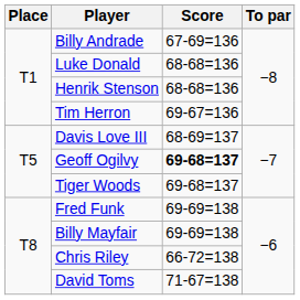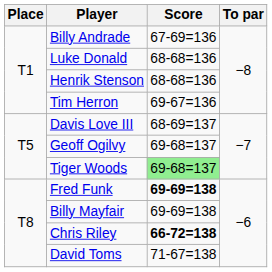 <table class="wikitable">
 <tr>
 <th>Place</th>
 <th>Player</th>
 <th>Score</th>
 <th>To par</th>
 </tr>
 <tr>
 <td rowspan="4" align=center>T1</td>
 <td> <a href='#'>Billy Andrade</a></td>
 <td>67-69=136</td>
 <td rowspan="4" align=center>−8</td>
 </tr>
 <tr>
 <td> <a href='#'>Luke Donald</a></td>
 <td>68-68=136</td>
 </tr>
 <tr>
 <td> <a href='#'>Henrik Stenson</a></td>
 <td>68-68=136</td>
 </tr>
 <tr>
 <td> <a href='#'>Tim Herron</a></td>
 <td>69-67=136</td>
 </tr>
 <tr>
 <td rowspan="3" align=center>T5</td>
 <td> <a href='#'>Davis Love III</a></td>
 <td>68-69=137</td>
 <td rowspan="3" align=center>−7</td>
 </tr>
 <tr>
 <td> <a href='#'>Geoff Ogilvy</a></td>
-<td><strong>69-68=137</strong></td>
+<td>69-68=137</td>
 </tr>
 <tr>
 <td> <a href='#'>Tiger Woods</a></td>
-<td>69-68=137</td>
+<td style="background: lightgreen;">69-68=137</td>
 </tr>
 <tr>
 <td rowspan="4" align=center>T8</td>
 <td> <a href='#'>Fred Funk</a></td>
-<td>69-69=138</td>
+<td><strong>69-69=138</strong></td>
 <td rowspan="4" align=center>−6</td>
 </tr>
 <tr>
 <td> <a href='#'>Billy Mayfair</a></td>
 <td>69-69=138</td>
 </tr>
 <tr>
 <td> <a href='#'>Chris Riley</a></td>
-<td>66-72=138</td>
+<td><strong>66-72=138</strong></td>
 </tr>
 <tr>
 <td> <a href='#'>David Toms</a></td>
 <td>71-67=138</td>
 </tr>
 </table>
